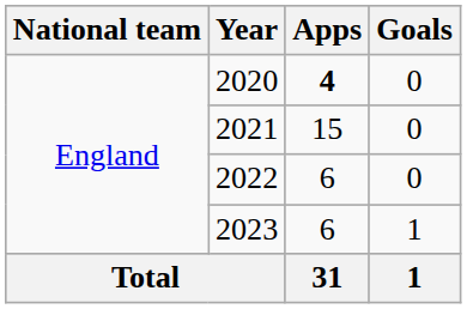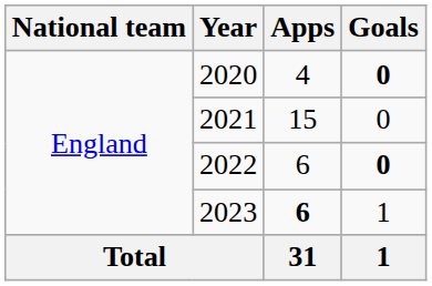 <table class="wikitable" style="text-align: center;">
 <tr>
 <th>National team</th>
 <th>Year</th>
 <th>Apps</th>
 <th>Goals</th>
 </tr>
 <tr>
 <td rowspan="4"><a href='#'>England</a></td>
 <td>2020</td>
-<td><strong>4</strong></td>
-<td>0</td>
+<td>4</td>
+<td><strong>0</strong></td>
 </tr>
 <tr>
 <td>2021</td>
 <td>15</td>
 <td>0</td>
 </tr>
 <tr>
 <td>2022</td>
 <td>6</td>
-<td>0</td>
+<td><strong>0</strong></td>
 </tr>
 <tr>
 <td>2023</td>
-<td>6</td>
+<td><strong>6</strong></td>
 <td>1</td>
 </tr>
 <tr>
 <th colspan="2">Total</th>
 <th>31</th>
 <th>1</th>
 </tr>
 </table>
